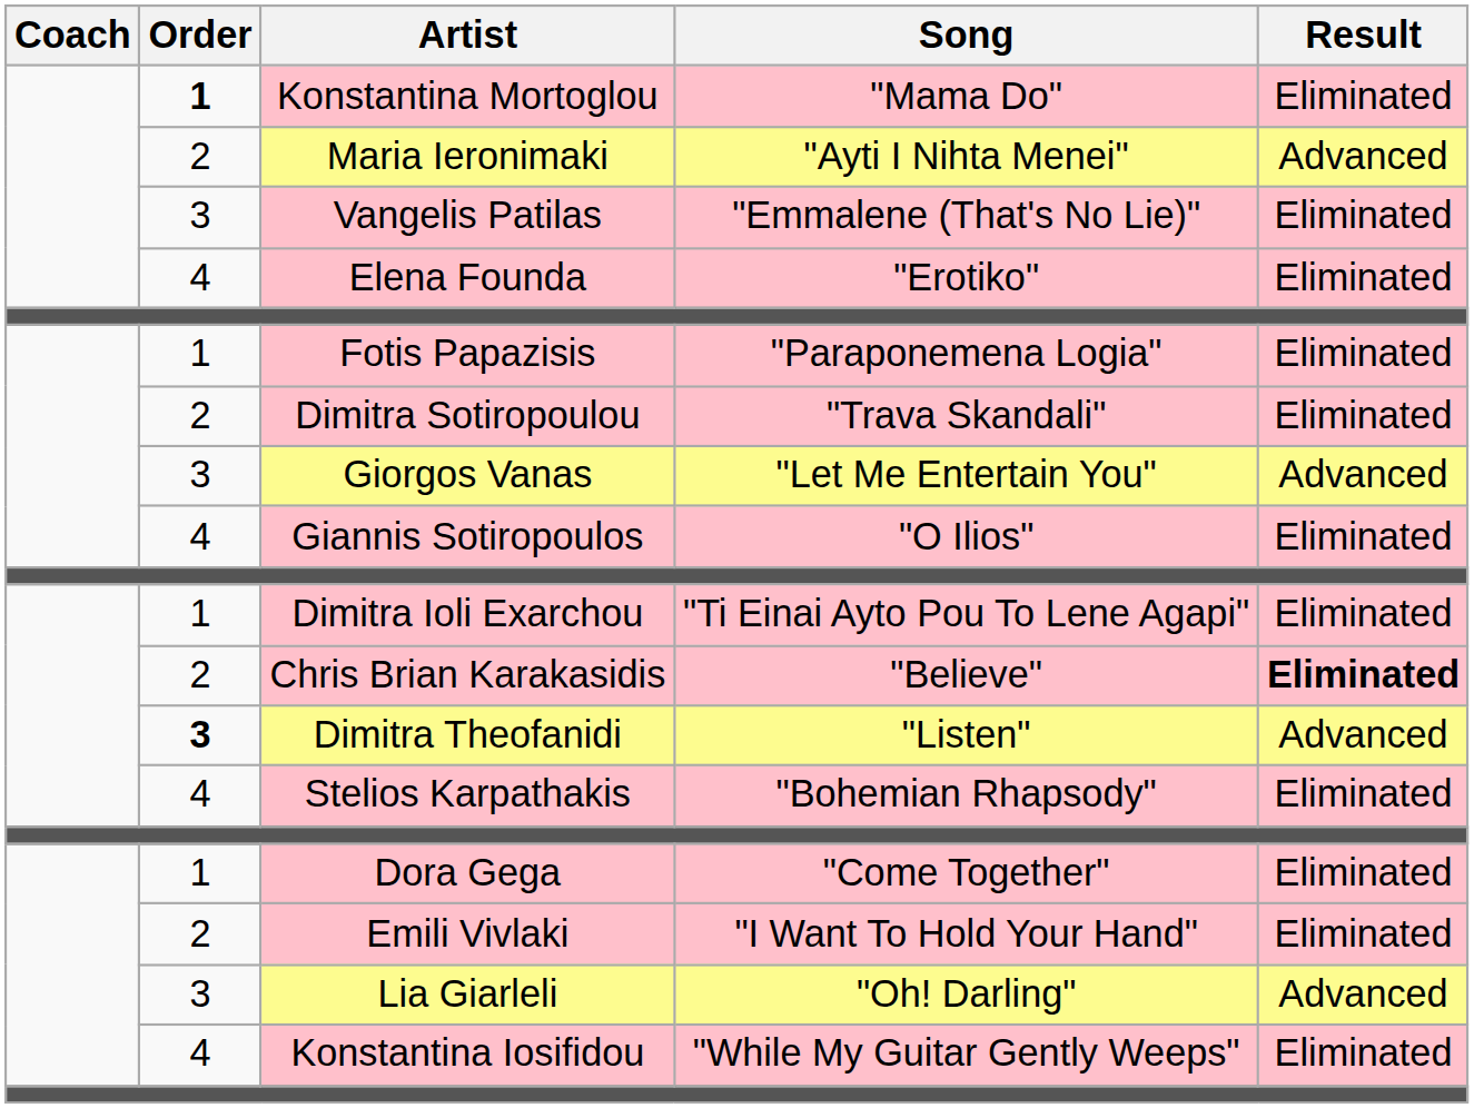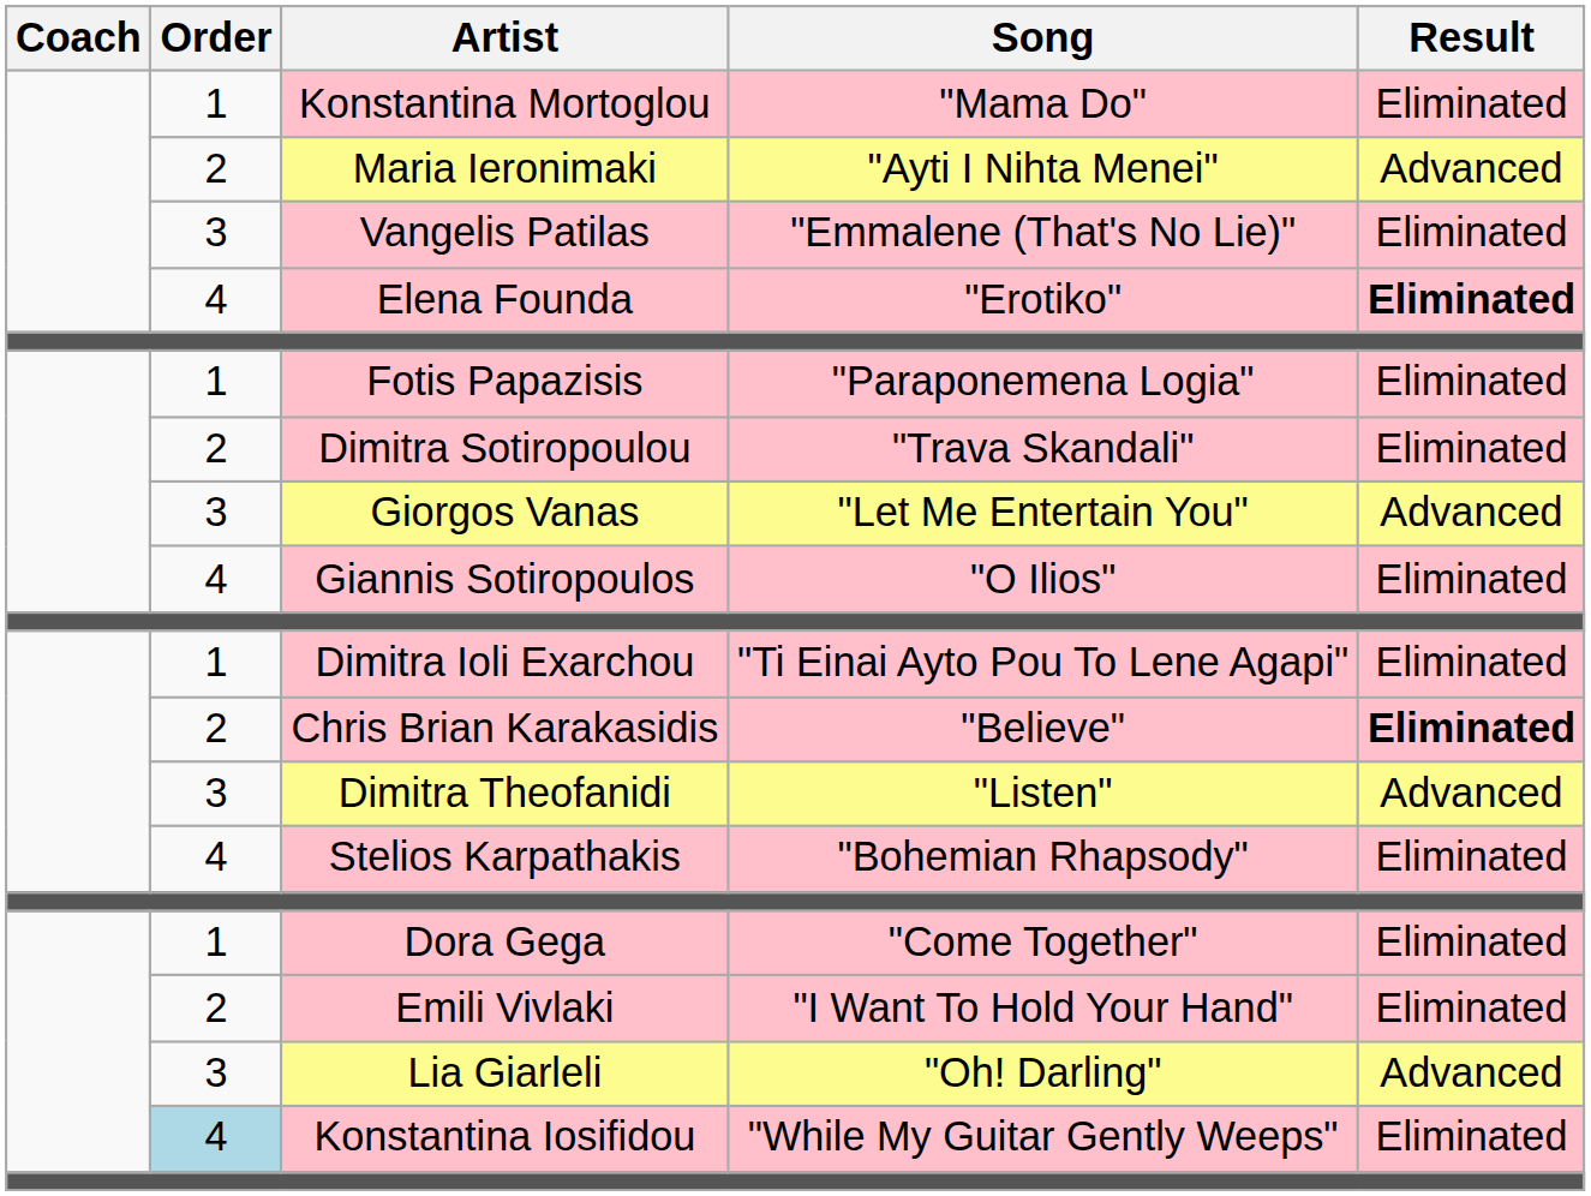 <table class="wikitable plainrowheaders" style="text-align: center;">
 <tr>
 <th>Coach</th>
 <th>Order</th>
 <th>Artist</th>
 <th>Song</th>
 <th>Result</th>
 </tr>
 <tr>
 <td rowspan="4" scope="row"></td>
-<td scope="row"><strong>1</strong></td>
+<td scope="row">1</td>
 <td style="background:pink;">Konstantina Mortoglou</td>
 <td style="background:pink;">"Mama Do"</td>
 <td style="background:pink;">Eliminated</td>
 </tr>
 <tr>
 <td scope="row">2</td>
 <td style="background:#fdfc8f;">Maria Ieronimaki</td>
 <td style="background:#fdfc8f;">"Ayti I Nihta Menei"</td>
 <td style="background:#fdfc8f;">Advanced</td>
 </tr>
 <tr>
 <td scope="row">3</td>
 <td style="background:pink;">Vangelis Patilas</td>
 <td style="background:pink;">"Emmalene (That's No Lie)"</td>
 <td style="background:pink;">Eliminated</td>
 </tr>
 <tr>
 <td scope="row">4</td>
 <td style="background:pink;">Elena Founda</td>
 <td style="background:pink;">"Erotiko"</td>
-<td style="background:pink;">Eliminated</td>
+<td style="background:pink;"><strong>Eliminated</strong></td>
 </tr>
 <tr>
 <td colspan="5" style="background-color:#555555;"></td>
 </tr>
 <tr>
 <td rowspan="4" scope="row"></td>
 <td scope="row">1</td>
 <td style="background:pink;">Fotis Papazisis</td>
 <td style="background:pink;">"Paraponemena Logia"</td>
 <td style="background:pink;">Eliminated</td>
 </tr>
 <tr>
 <td scope="row">2</td>
 <td style="background:pink;">Dimitra Sotiropoulou</td>
 <td style="background:pink;">"Trava Skandali"</td>
 <td style="background:pink;">Eliminated</td>
 </tr>
 <tr>
 <td scope="row">3</td>
 <td style="background:#fdfc8f;">Giorgos Vanas</td>
 <td style="background:#fdfc8f;">"Let Me Entertain You"</td>
 <td style="background:#fdfc8f;">Advanced</td>
 </tr>
 <tr>
 <td scope="row">4</td>
 <td style="background:pink;">Giannis Sotiropoulos</td>
 <td style="background:pink;">"O Ilios"</td>
 <td style="background:pink;">Eliminated</td>
 </tr>
 <tr>
 <td colspan="5" style="background-color:#555555;"></td>
 </tr>
 <tr>
 <td rowspan="4" scope="row"></td>
 <td scope="row">1</td>
 <td style="background:pink;">Dimitra Ioli Exarchou</td>
 <td style="background:pink;">"Ti Einai Ayto Pou To Lene Agapi"</td>
 <td style="background:pink;">Eliminated</td>
 </tr>
 <tr>
 <td scope="row">2</td>
 <td style="background:pink;">Chris Brian Karakasidis</td>
 <td style="background:pink;">"Believe"</td>
 <td style="background:pink;"><strong>Eliminated</strong></td>
 </tr>
 <tr>
-<td scope="row"><strong>3</strong></td>
+<td scope="row">3</td>
 <td style="background:#fdfc8f;">Dimitra Theofanidi</td>
 <td style="background:#fdfc8f;">"Listen"</td>
 <td style="background:#fdfc8f;">Advanced</td>
 </tr>
 <tr>
 <td scope="row">4</td>
 <td style="background:pink;">Stelios Karpathakis</td>
 <td style="background:pink;">"Bohemian Rhapsody"</td>
 <td style="background:pink;">Eliminated</td>
 </tr>
 <tr>
 <td colspan="5" style="background-color:#555555;"></td>
 </tr>
 <tr>
 <td rowspan="4" scope="row"></td>
 <td scope="row">1</td>
 <td style="background:pink;">Dora Gega</td>
 <td style="background:pink;">"Come Together"</td>
 <td style="background:pink;">Eliminated</td>
 </tr>
 <tr>
 <td scope="row">2</td>
 <td style="background:pink;">Emili Vivlaki</td>
 <td style="background:pink;">"I Want To Hold Your Hand"</td>
 <td style="background:pink;">Eliminated</td>
 </tr>
 <tr>
 <td scope="row">3</td>
 <td style="background:#fdfc8f;">Lia Giarleli</td>
 <td style="background:#fdfc8f;">"Oh! Darling"</td>
 <td style="background:#fdfc8f;">Advanced</td>
 </tr>
 <tr>
-<td scope="row">4</td>
+<td scope="row" style="background: lightblue;">4</td>
 <td style="background:pink;">Konstantina Iosifidou</td>
 <td style="background:pink;">"While My Guitar Gently Weeps"</td>
 <td style="background:pink;">Eliminated</td>
 </tr>
 <tr>
 <td colspan="5" style="background-color:#555555;"></td>
 </tr>
 </table>
